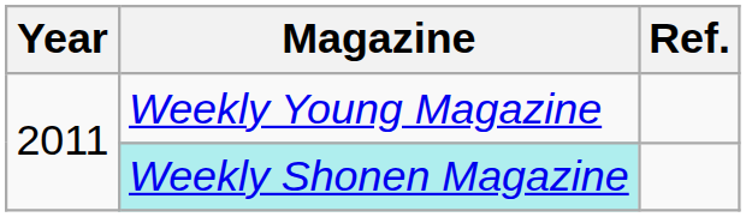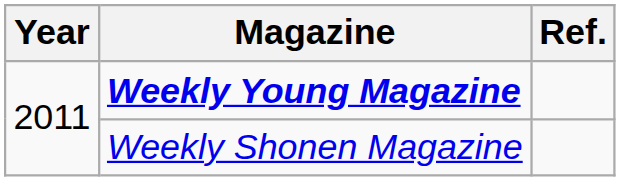 <table class="wikitable">
 <tr>
 <th>Year</th>
 <th>Magazine</th>
 <th>Ref.</th>
 </tr>
 <tr>
 <td rowspan="2">2011</td>
-<td><em><a href='#'>Weekly Young Magazine</a></em></td>
+<td><strong><em><a href='#'>Weekly Young Magazine</a></em></strong></td>
 <td></td>
 </tr>
 <tr>
-<td style="background: paleturquoise;"><em><a href='#'>Weekly Shonen Magazine</a></em></td>
+<td><em><a href='#'>Weekly Shonen Magazine</a></em></td>
 <td></td>
 </tr>
 </table>
